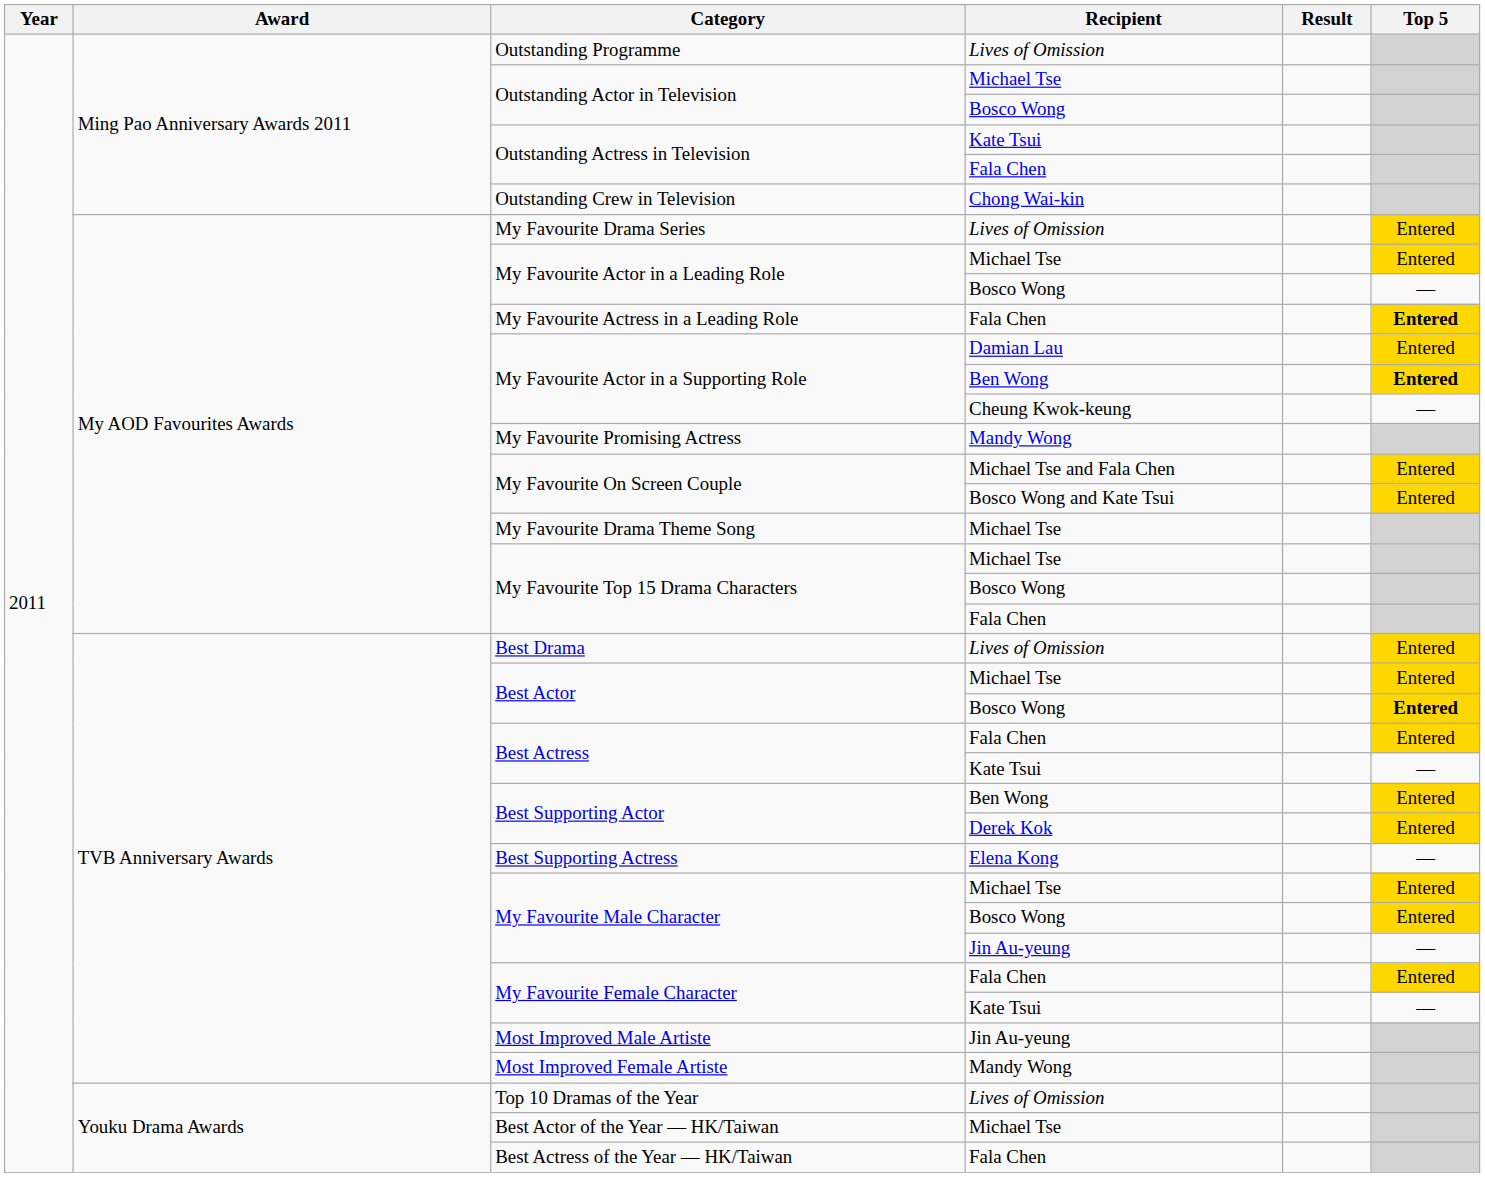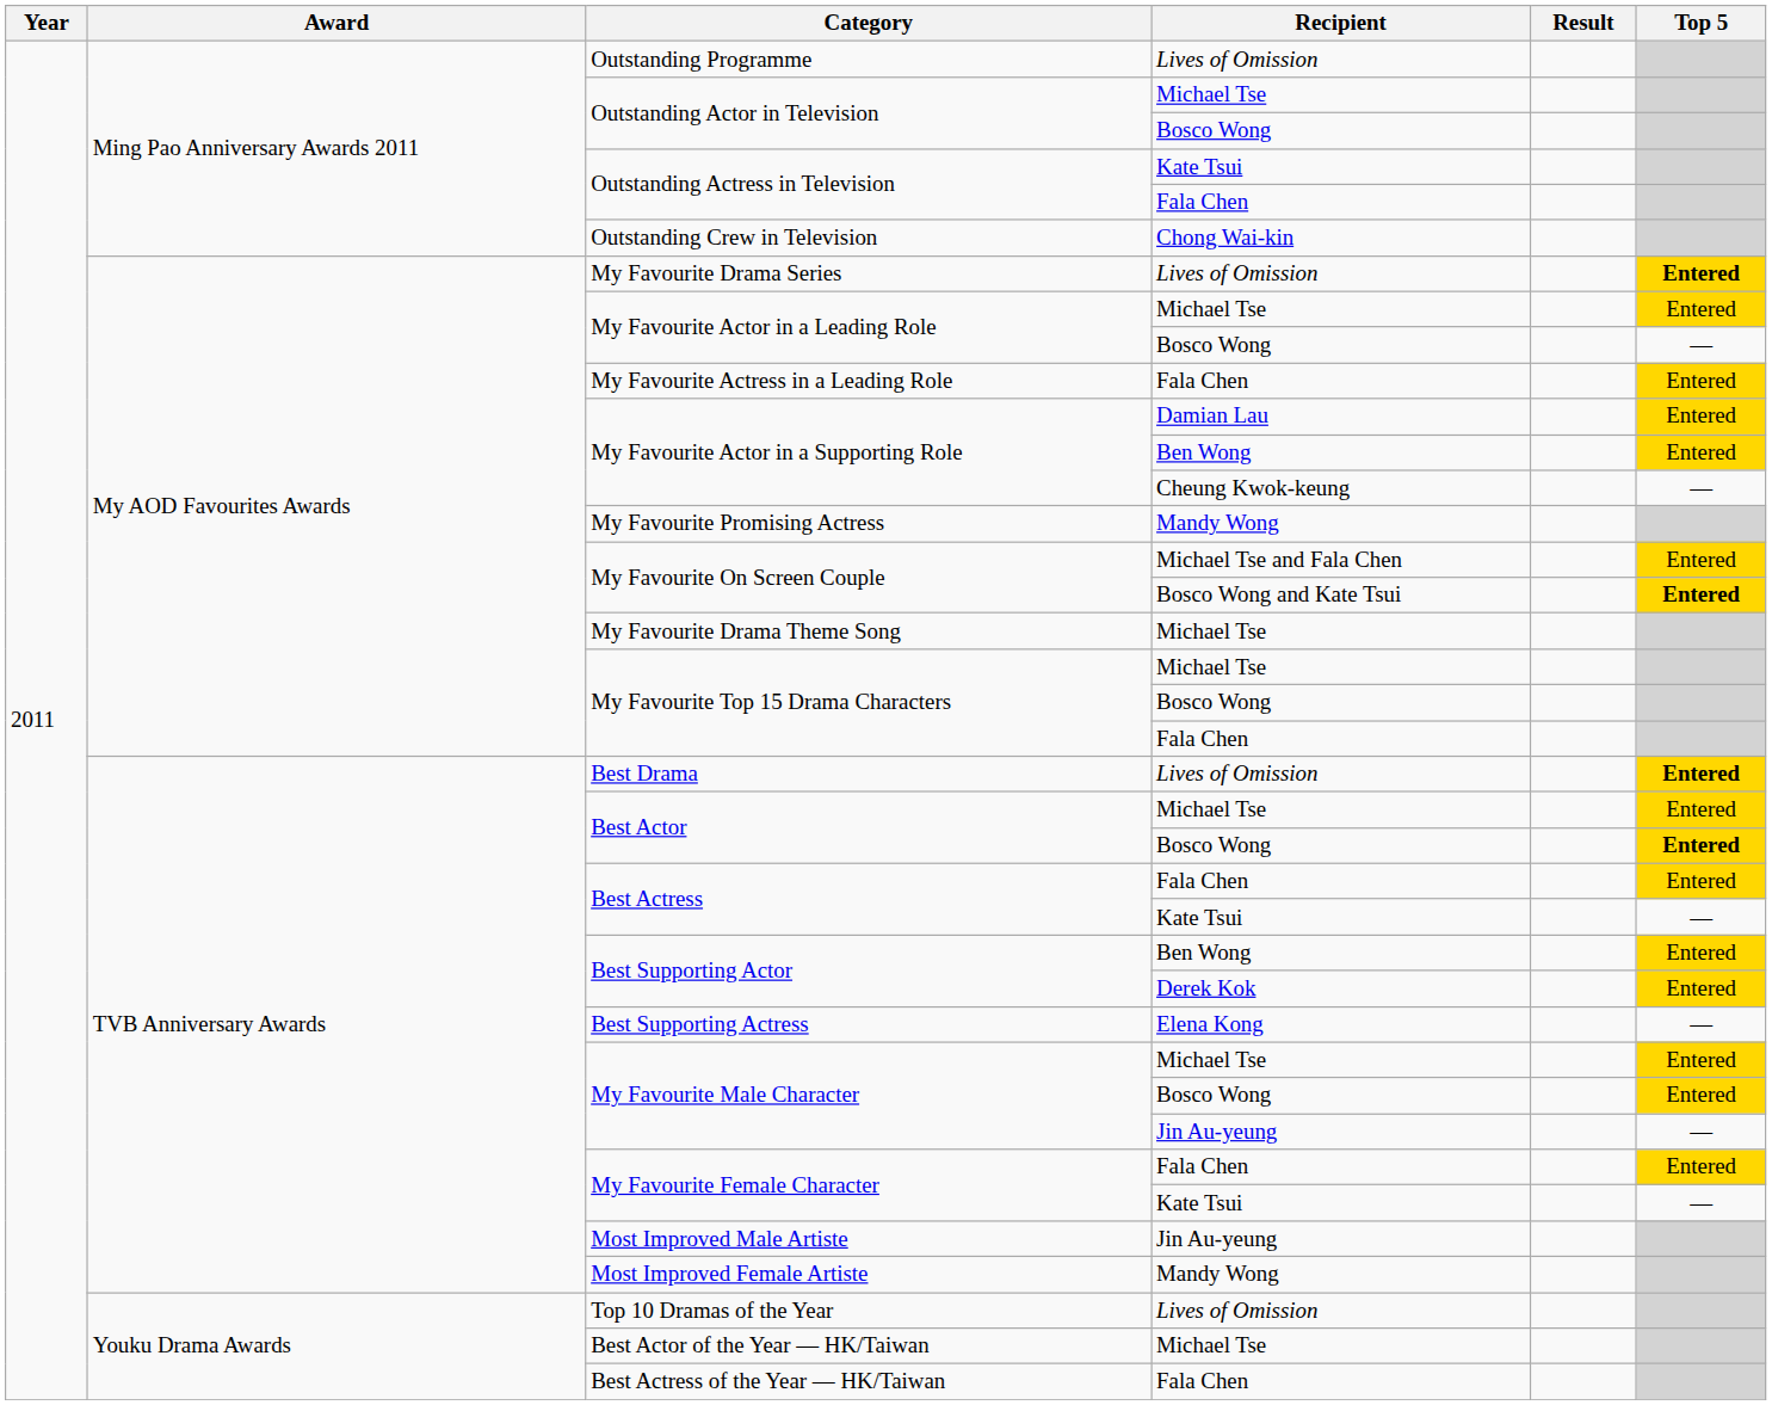 <table class="wikitable" style="width:99%;">
 <tr>
 <th>Year</th>
 <th>Award</th>
 <th>Category</th>
 <th>Recipient</th>
 <th>Result</th>
 <th>Top 5</th>
 </tr>
 <tr>
 <td rowspan="38">2011</td>
 <td rowspan=6>Ming Pao Anniversary Awards 2011</td>
 <td>Outstanding Programme</td>
 <td><em>Lives of Omission</em></td>
 <td></td>
 <td style="background:lightgrey;"> </td>
 </tr>
 <tr>
 <td rowspan=2>Outstanding Actor in Television</td>
 <td><a href='#'>Michael Tse</a></td>
 <td></td>
 <td style="background:lightgrey;"> </td>
 </tr>
 <tr>
 <td><a href='#'>Bosco Wong</a></td>
 <td></td>
 <td style="background:lightgrey;"> </td>
 </tr>
 <tr>
 <td rowspan=2>Outstanding Actress in Television</td>
 <td><a href='#'>Kate Tsui</a></td>
 <td></td>
 <td style="background:lightgrey;"> </td>
 </tr>
 <tr>
 <td><a href='#'>Fala Chen</a></td>
 <td></td>
 <td style="background:lightgrey;"> </td>
 </tr>
 <tr>
 <td>Outstanding Crew in Television</td>
 <td><a href='#'>Chong Wai-kin</a></td>
 <td></td>
 <td style="background:lightgrey;"> </td>
 </tr>
 <tr>
 <td rowspan="14">My AOD Favourites Awards</td>
 <td>My Favourite Drama Series</td>
 <td><em>Lives of Omission</em></td>
 <td></td>
-<td td style="background:gold; text-align:center;">Entered</td>
+<td td style="background:gold; text-align:center;"><strong>Entered</strong></td>
 </tr>
 <tr>
 <td rowspan=2>My Favourite Actor in a Leading Role</td>
 <td>Michael Tse</td>
 <td></td>
 <td td style="background:gold; text-align:center;">Entered</td>
 </tr>
 <tr>
 <td>Bosco Wong</td>
 <td></td>
 <td style="text-align:center;">—</td>
 </tr>
 <tr>
 <td>My Favourite Actress in a Leading Role</td>
 <td>Fala Chen</td>
 <td></td>
-<td td style="background:gold; text-align:center;"><strong>Entered</strong></td>
+<td td style="background:gold; text-align:center;">Entered</td>
 </tr>
 <tr>
 <td rowspan=3>My Favourite Actor in a Supporting Role</td>
 <td><a href='#'>Damian Lau</a></td>
 <td></td>
 <td td style="background:gold; text-align:center;">Entered</td>
 </tr>
 <tr>
 <td><a href='#'>Ben Wong</a></td>
 <td></td>
-<td td style="background:gold; text-align:center;"><strong>Entered</strong></td>
+<td td style="background:gold; text-align:center;">Entered</td>
 </tr>
 <tr>
 <td>Cheung Kwok-keung</td>
 <td></td>
 <td style="text-align:center;">—</td>
 </tr>
 <tr>
 <td>My Favourite Promising Actress</td>
 <td><a href='#'>Mandy Wong</a></td>
 <td></td>
 <td style="background:lightgrey;"> </td>
 </tr>
 <tr>
 <td rowspan=2>My Favourite On Screen Couple</td>
 <td>Michael Tse and Fala Chen</td>
 <td></td>
 <td td style="background:gold; text-align:center;">Entered</td>
 </tr>
 <tr>
 <td>Bosco Wong and Kate Tsui</td>
 <td></td>
-<td td style="background:gold; text-align:center;">Entered</td>
+<td td style="background:gold; text-align:center;"><strong>Entered</strong></td>
 </tr>
 <tr>
 <td>My Favourite Drama Theme Song</td>
 <td>Michael Tse</td>
 <td></td>
 <td style="background:lightgrey;"> </td>
 </tr>
 <tr>
 <td rowspan=3>My Favourite Top 15 Drama Characters</td>
 <td>Michael Tse</td>
 <td></td>
 <td style="background:lightgrey;"> </td>
 </tr>
 <tr>
 <td>Bosco Wong</td>
 <td></td>
 <td style="background:lightgrey;"> </td>
 </tr>
 <tr>
 <td>Fala Chen</td>
 <td></td>
 <td style="background:lightgrey;"> </td>
 </tr>
 <tr>
 <td rowspan="15">TVB Anniversary Awards</td>
 <td><a href='#'>Best Drama</a></td>
 <td><em>Lives of Omission</em></td>
 <td></td>
-<td td style="background:gold; text-align:center;">Entered</td>
+<td td style="background:gold; text-align:center;"><strong>Entered</strong></td>
 </tr>
 <tr>
 <td rowspan=2><a href='#'>Best Actor</a></td>
 <td>Michael Tse</td>
 <td></td>
 <td td style="background:gold; text-align:center;">Entered</td>
 </tr>
 <tr>
 <td>Bosco Wong</td>
 <td></td>
 <td td style="background:gold; text-align:center;"><strong>Entered</strong></td>
 </tr>
 <tr>
 <td rowspan=2><a href='#'>Best Actress</a></td>
 <td>Fala Chen</td>
 <td></td>
 <td td style="background:gold; text-align:center;">Entered</td>
 </tr>
 <tr>
 <td>Kate Tsui</td>
 <td></td>
 <td style="text-align:center;">—</td>
 </tr>
 <tr>
 <td rowspan=2><a href='#'>Best Supporting Actor</a></td>
 <td>Ben Wong</td>
 <td></td>
 <td td style="background:gold; text-align:center;">Entered</td>
 </tr>
 <tr>
 <td><a href='#'>Derek Kok</a></td>
 <td></td>
 <td td style="background:gold; text-align:center;">Entered</td>
 </tr>
 <tr>
 <td><a href='#'>Best Supporting Actress</a></td>
 <td><a href='#'>Elena Kong</a></td>
 <td></td>
 <td style="text-align:center;">—</td>
 </tr>
 <tr>
 <td rowspan=3><a href='#'>My Favourite Male Character</a></td>
 <td>Michael Tse</td>
 <td></td>
 <td td style="background:gold; text-align:center;">Entered</td>
 </tr>
 <tr>
 <td>Bosco Wong</td>
 <td></td>
 <td td style="background:gold; text-align:center;">Entered</td>
 </tr>
 <tr>
 <td><a href='#'>Jin Au-yeung</a></td>
 <td></td>
 <td style="text-align:center;">—</td>
 </tr>
 <tr>
 <td rowspan=2><a href='#'>My Favourite Female Character</a></td>
 <td>Fala Chen</td>
 <td></td>
 <td td style="background:gold; text-align:center;">Entered</td>
 </tr>
 <tr>
 <td>Kate Tsui</td>
 <td></td>
 <td style="text-align:center;">—</td>
 </tr>
 <tr>
 <td><a href='#'>Most Improved Male Artiste</a></td>
 <td>Jin Au-yeung</td>
 <td></td>
 <td style="background:lightgrey;"> </td>
 </tr>
 <tr>
 <td><a href='#'>Most Improved Female Artiste</a></td>
 <td>Mandy Wong</td>
 <td></td>
 <td style="background:lightgrey;"> </td>
 </tr>
 <tr>
 <td rowspan=3>Youku Drama Awards</td>
 <td>Top 10 Dramas of the Year</td>
 <td><em>Lives of Omission</em></td>
 <td></td>
 <td style="background:lightgrey;"> </td>
 </tr>
 <tr>
 <td>Best Actor of the Year — HK/Taiwan</td>
 <td>Michael Tse</td>
 <td></td>
 <td style="background:lightgrey;"> </td>
 </tr>
 <tr>
 <td>Best Actress of the Year — HK/Taiwan</td>
 <td>Fala Chen</td>
 <td></td>
 <td style="background:lightgrey;"> </td>
 </tr>
 </table>
